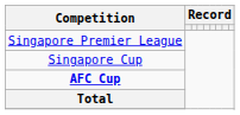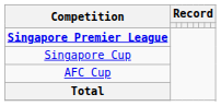 <table class="wikitable" style="text-align: center">
 <tr>
 <th rowspan=2>Competition</th>
 <th colspan=8>Record</th>
 </tr>
 <tr>
 <th></th>
 <th></th>
 <th></th>
 <th></th>
 <th></th>
 <th></th>
 <th></th>
 <th></th>
 </tr>
 <tr>
-<td><a href='#'>Singapore Premier League</a><br></td>
+<td><strong><a href='#'>Singapore Premier League</a><br></strong></td>
 </tr>
 <tr>
 <td><a href='#'>Singapore Cup</a><br></td>
 </tr>
 <tr>
-<td><strong><a href='#'>AFC Cup</a><br></strong></td>
+<td><a href='#'>AFC Cup</a><br></td>
 </tr>
 <tr>
 <th>Total<br></th>
 </tr>
 <tr>
 </tr>
 </table>
